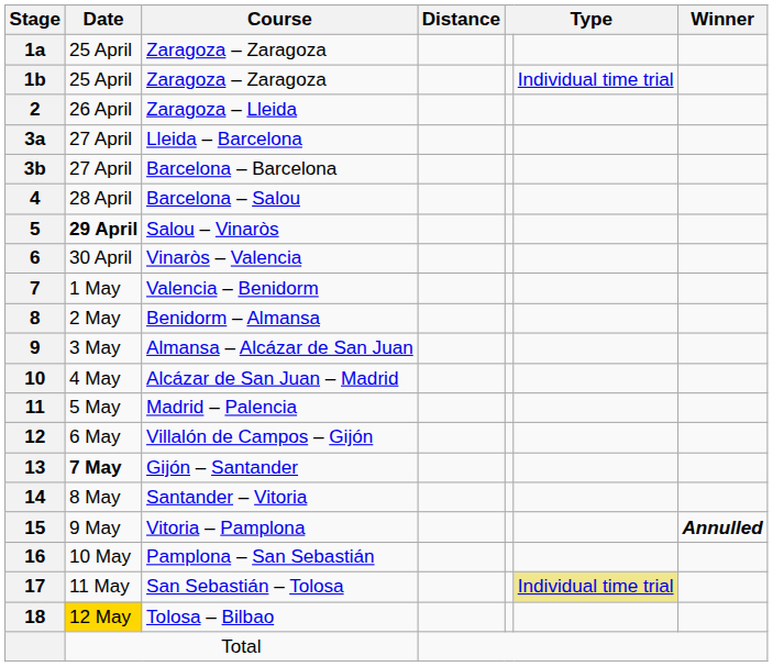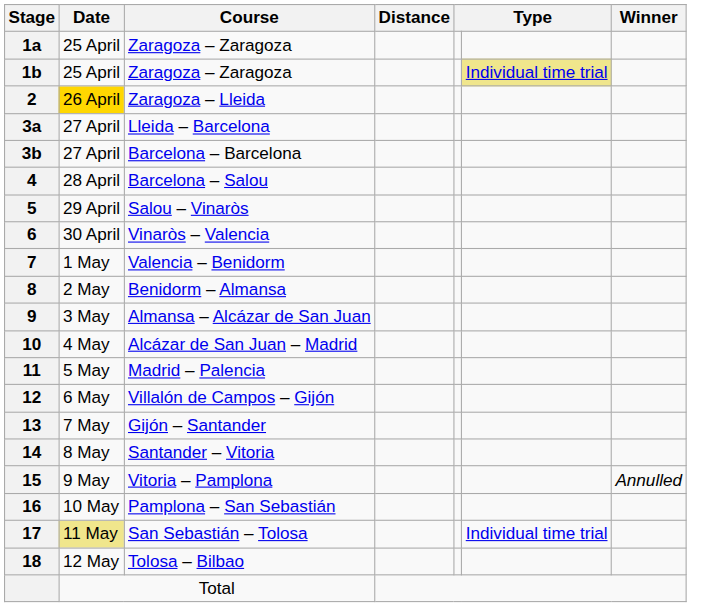 <table class="wikitable">
 <tr>
 <th scope="col">Stage</th>
 <th scope="col">Date</th>
 <th scope="col">Course</th>
 <th scope="col">Distance</th>
 <th scope="col" colspan="2">Type</th>
 <th scope="col">Winner</th>
 </tr>
 <tr>
 <th scope="row">1a</th>
 <td>25 April</td>
 <td><a href='#'>Zaragoza</a> – Zaragoza</td>
 <td style="text-align:center;"></td>
 <td></td>
 <td></td>
 <td></td>
 </tr>
 <tr>
 <th scope="row">1b</th>
 <td>25 April</td>
 <td><a href='#'>Zaragoza</a> – Zaragoza</td>
 <td style="text-align:center;"></td>
 <td></td>
-<td><a href='#'>Individual time trial</a></td>
+<td style="background: khaki;"><a href='#'>Individual time trial</a></td>
 <td></td>
 </tr>
 <tr>
 <th scope="row">2</th>
-<td>26 April</td>
+<td style="background: gold;">26 April</td>
 <td><a href='#'>Zaragoza</a> – <a href='#'>Lleida</a></td>
 <td style="text-align:center;"></td>
 <td></td>
 <td></td>
 <td></td>
 </tr>
 <tr>
 <th scope="row">3a</th>
 <td>27 April</td>
 <td><a href='#'>Lleida</a> – <a href='#'>Barcelona</a></td>
 <td style="text-align:center;"></td>
 <td></td>
 <td></td>
 <td></td>
 </tr>
 <tr>
 <th scope="row">3b</th>
 <td>27 April</td>
 <td><a href='#'>Barcelona</a> – Barcelona</td>
 <td style="text-align:center;"></td>
 <td></td>
 <td></td>
 <td></td>
 </tr>
 <tr>
 <th scope="row">4</th>
 <td>28 April</td>
 <td><a href='#'>Barcelona</a> – <a href='#'>Salou</a></td>
 <td style="text-align:center;"></td>
 <td></td>
 <td></td>
 <td></td>
 </tr>
 <tr>
 <th scope="row">5</th>
-<td><strong>29 April</strong></td>
+<td>29 April</td>
 <td><a href='#'>Salou</a> – <a href='#'>Vinaròs</a></td>
 <td style="text-align:center;"></td>
 <td></td>
 <td></td>
 <td></td>
 </tr>
 <tr>
 <th scope="row">6</th>
 <td>30 April</td>
 <td><a href='#'>Vinaròs</a> – <a href='#'>Valencia</a></td>
 <td style="text-align:center;"></td>
 <td></td>
 <td></td>
 <td></td>
 </tr>
 <tr>
 <th scope="row">7</th>
 <td>1 May</td>
 <td><a href='#'>Valencia</a> – <a href='#'>Benidorm</a></td>
 <td style="text-align:center;"></td>
 <td></td>
 <td></td>
 <td></td>
 </tr>
 <tr>
 <th scope="row">8</th>
 <td>2 May</td>
 <td><a href='#'>Benidorm</a> – <a href='#'>Almansa</a></td>
 <td style="text-align:center;"></td>
 <td></td>
 <td></td>
 <td></td>
 </tr>
 <tr>
 <th scope="row">9</th>
 <td>3 May</td>
 <td><a href='#'>Almansa</a> – <a href='#'>Alcázar de San Juan</a></td>
 <td style="text-align:center;"></td>
 <td></td>
 <td></td>
 <td></td>
 </tr>
 <tr>
 <th scope="row">10</th>
 <td>4 May</td>
 <td><a href='#'>Alcázar de San Juan</a> – <a href='#'>Madrid</a></td>
 <td style="text-align:center;"></td>
 <td></td>
 <td></td>
 <td></td>
 </tr>
 <tr>
 <th scope="row">11</th>
 <td>5 May</td>
 <td><a href='#'>Madrid</a> – <a href='#'>Palencia</a></td>
 <td style="text-align:center;"></td>
 <td></td>
 <td></td>
 <td></td>
 </tr>
 <tr>
 <th scope="row">12</th>
 <td>6 May</td>
 <td><a href='#'>Villalón de Campos</a> – <a href='#'>Gijón</a></td>
 <td style="text-align:center;"></td>
 <td></td>
 <td></td>
 <td></td>
 </tr>
 <tr>
 <th scope="row">13</th>
-<td><strong>7 May</strong></td>
+<td>7 May</td>
 <td><a href='#'>Gijón</a> – <a href='#'>Santander</a></td>
 <td style="text-align:center;"></td>
 <td></td>
 <td></td>
 <td></td>
 </tr>
 <tr>
 <th scope="row">14</th>
 <td>8 May</td>
 <td><a href='#'>Santander</a> – <a href='#'>Vitoria</a></td>
 <td style="text-align:center;"></td>
 <td></td>
 <td></td>
 <td></td>
 </tr>
 <tr>
 <th scope="row">15</th>
 <td>9 May</td>
 <td><a href='#'>Vitoria</a> – <a href='#'>Pamplona</a></td>
 <td style="text-align:center;"></td>
 <td></td>
 <td></td>
-<td><strong><em>Annulled</em></strong></td>
+<td><em>Annulled</em></td>
 </tr>
 <tr>
 <th scope="row">16</th>
 <td>10 May</td>
 <td><a href='#'>Pamplona</a> – <a href='#'>San Sebastián</a></td>
 <td style="text-align:center;"></td>
 <td></td>
 <td></td>
 <td></td>
 </tr>
 <tr>
 <th scope="row">17</th>
-<td>11 May</td>
+<td style="background: khaki;">11 May</td>
 <td><a href='#'>San Sebastián</a> – <a href='#'>Tolosa</a></td>
 <td style="text-align:center;"></td>
 <td></td>
-<td style="background: khaki;"><a href='#'>Individual time trial</a></td>
+<td><a href='#'>Individual time trial</a></td>
 <td></td>
 </tr>
 <tr>
 <th scope="row">18</th>
-<td style="background: gold;">12 May</td>
+<td>12 May</td>
 <td><a href='#'>Tolosa</a> – <a href='#'>Bilbao</a></td>
 <td style="text-align:center;"></td>
 <td></td>
 <td></td>
 <td></td>
 </tr>
 <tr>
 <th scope="row"></th>
 <td colspan="2" style="text-align:center">Total</td>
 <td colspan="4" style="text-align:center"></td>
 </tr>
 </table>
